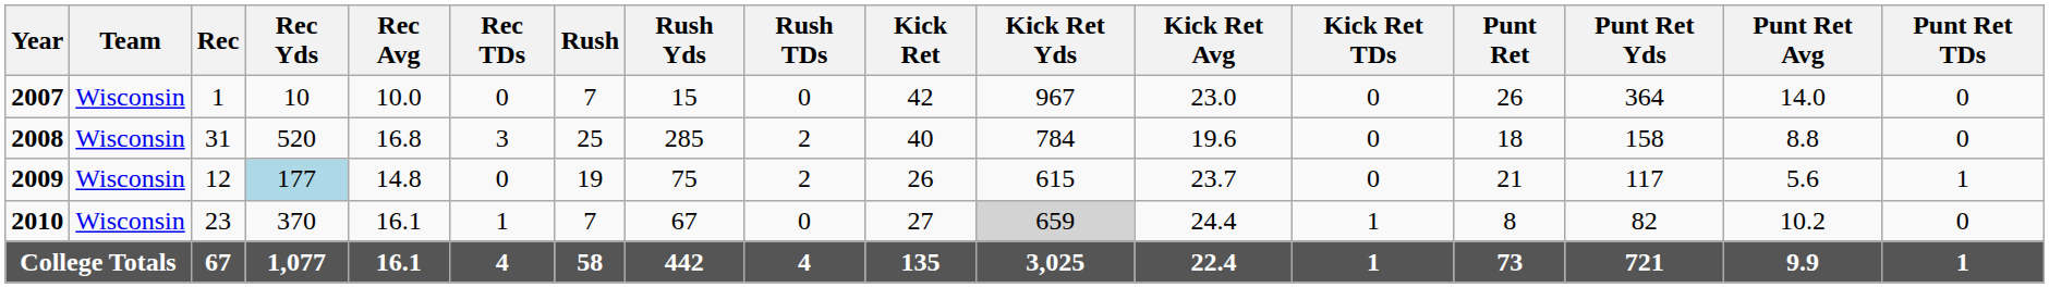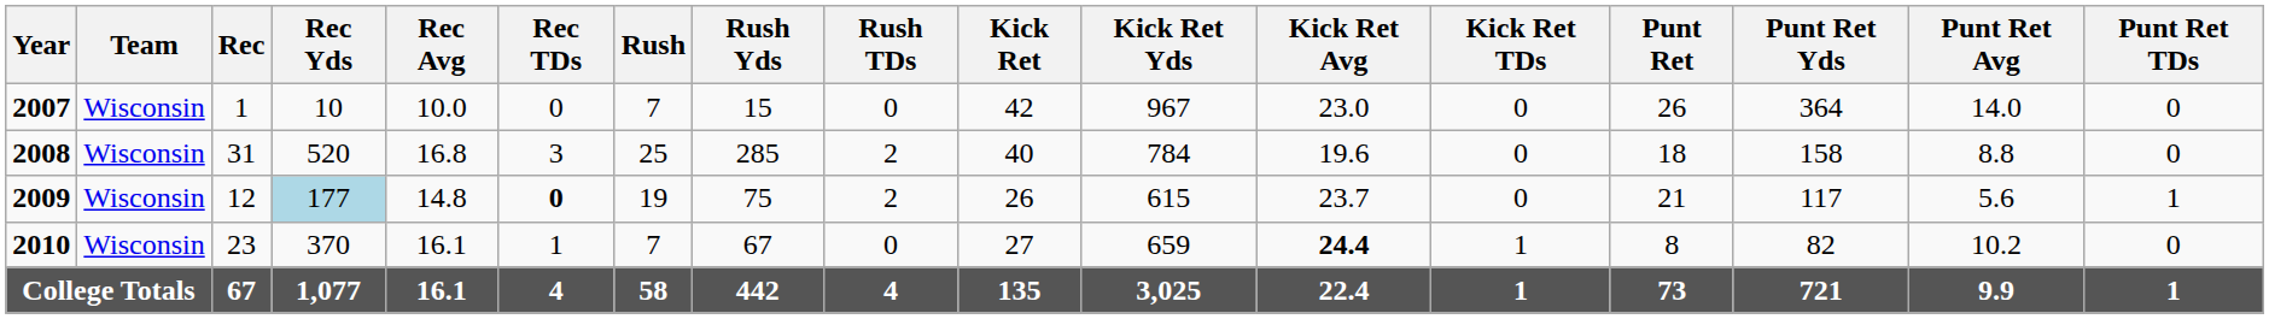 <table class="wikitable" style="text-align:center;">
 <tr>
 <th>Year</th>
 <th>Team</th>
 <th>Rec</th>
 <th>Rec Yds</th>
 <th>Rec Avg</th>
 <th>Rec TDs</th>
 <th>Rush</th>
 <th>Rush Yds</th>
 <th>Rush TDs</th>
 <th>Kick Ret</th>
 <th>Kick Ret Yds</th>
 <th>Kick Ret Avg</th>
 <th>Kick Ret TDs</th>
 <th>Punt Ret</th>
 <th>Punt Ret Yds</th>
 <th>Punt Ret Avg</th>
 <th>Punt Ret TDs</th>
 </tr>
 <tr>
 <td><strong>2007</strong></td>
 <td><a href='#'>Wisconsin</a></td>
 <td>1</td>
 <td>10</td>
 <td>10.0</td>
 <td>0</td>
 <td>7</td>
 <td>15</td>
 <td>0</td>
 <td>42</td>
 <td>967</td>
 <td>23.0</td>
 <td>0</td>
 <td>26</td>
 <td>364</td>
 <td>14.0</td>
 <td>0</td>
 </tr>
 <tr>
 <td><strong>2008</strong></td>
 <td><a href='#'>Wisconsin</a></td>
 <td>31</td>
 <td>520</td>
 <td>16.8</td>
 <td>3</td>
 <td>25</td>
 <td>285</td>
 <td>2</td>
 <td>40</td>
 <td>784</td>
 <td>19.6</td>
 <td>0</td>
 <td>18</td>
 <td>158</td>
 <td>8.8</td>
 <td>0</td>
 </tr>
 <tr>
 <td><strong>2009</strong></td>
 <td><a href='#'>Wisconsin</a></td>
 <td>12</td>
 <td style="background: lightblue;">177</td>
 <td>14.8</td>
-<td>0</td>
+<td><strong>0</strong></td>
 <td>19</td>
 <td>75</td>
 <td>2</td>
 <td>26</td>
 <td>615</td>
 <td>23.7</td>
 <td>0</td>
 <td>21</td>
 <td>117</td>
 <td>5.6</td>
 <td>1</td>
 </tr>
 <tr>
 <td><strong>2010</strong></td>
 <td><a href='#'>Wisconsin</a></td>
 <td>23</td>
 <td>370</td>
 <td>16.1</td>
 <td>1</td>
 <td>7</td>
 <td>67</td>
 <td>0</td>
 <td>27</td>
-<td style="background: lightgrey;">659</td>
-<td>24.4</td>
+<td>659</td>
+<td><strong>24.4</strong></td>
 <td>1</td>
 <td>8</td>
 <td>82</td>
 <td>10.2</td>
 <td>0</td>
 </tr>
 <tr style="background:#555555;font-weight:bold;color:white;">
 <td colspan=2>College Totals</td>
 <td>67</td>
 <td>1,077</td>
 <td>16.1</td>
 <td>4</td>
 <td>58</td>
 <td>442</td>
 <td>4</td>
 <td>135</td>
 <td>3,025</td>
 <td>22.4</td>
 <td>1</td>
 <td>73</td>
 <td>721</td>
 <td>9.9</td>
 <td>1</td>
 </tr>
 <tr style="background:#555555;font-weight:bold;color:white;">
 </tr>
 </table>
